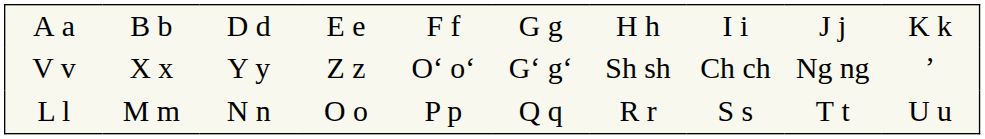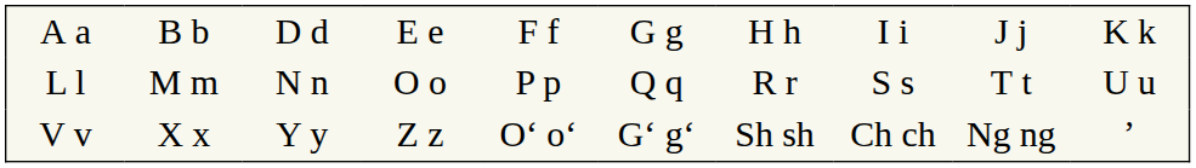 <table style="font-family:Arial Unicode MS; font-size:1.4em; border-color:#000000; border-width:1px; border-style:solid; border-collapse:collapse; background-color:#F8F8EF;">
 <tr>
 <td style="width:3em; text-align:center; padding: 3px;">А а</td>
 <td style="width:3em; text-align:center; padding: 3px;">B b</td>
 <td style="width:3em; text-align:center; padding: 3px;">D d</td>
 <td style="width:3em; text-align:center; padding: 3px;">Е е</td>
 <td style="width:3em; text-align:center; padding: 3px;">F f</td>
 <td style="width:3em; text-align:center; padding: 3px;">G g</td>
 <td style="width:3em; text-align:center; padding: 3px;">H h</td>
 <td style="width:3em; text-align:center; padding: 3px;">I i</td>
 <td style="width:3em; text-align:center; padding: 3px;">J j</td>
 <td style="width:3em; text-align:center; padding: 3px;">K k</td>
 </tr>
 <tr>
+<td style="width:3em; text-align:center; padding: 3px;">L l</td>
+<td style="width:3em; text-align:center; padding: 3px;">М m</td>
+<td style="width:3em; text-align:center; padding: 3px;">N n</td>
+<td style="width:3em; text-align:center; padding: 3px;">О о</td>
+<td style="width:3em; text-align:center; padding: 3px;">P p</td>
+<td style="width:3em; text-align:center; padding: 3px;">Q q</td>
+<td style="width:3em; text-align:center; padding: 3px;">R r</td>
+<td style="width:3em; text-align:center; padding: 3px;">S s</td>
+<td style="width:3em; text-align:center; padding: 3px;">Т t</td>
+<td style="width:3em; text-align:center; padding: 3px;">U u</td>
+</tr>
+<tr>
 <td style="width:3em; text-align:center; padding: 3px;">V v</td>
 <td style="width:3em; text-align:center; padding: 3px;">X x</td>
 <td style="width:3em; text-align:center; padding: 3px;">Y y</td>
 <td style="width:3em; text-align:center; padding: 3px;">Z z</td>
 <td style="width:3em; text-align:center; padding: 3px;">Oʻ oʻ</td>
 <td style="width:3em; text-align:center; padding: 3px;">Gʻ gʻ</td>
 <td style="width:3em; text-align:center; padding: 3px;">Sh sh</td>
 <td style="width:3em; text-align:center; padding: 3px;">Ch ch</td>
 <td style="width:3em; text-align:center; padding: 3px;">Ng ng</td>
 <td style="width:3em; text-align:center; padding: 3px;">ʼ</td>
 </tr>
-<tr>
-<td style="width:3em; text-align:center; padding: 3px;">L l</td>
-<td style="width:3em; text-align:center; padding: 3px;">М m</td>
-<td style="width:3em; text-align:center; padding: 3px;">N n</td>
-<td style="width:3em; text-align:center; padding: 3px;">О о</td>
-<td style="width:3em; text-align:center; padding: 3px;">P p</td>
-<td style="width:3em; text-align:center; padding: 3px;">Q q</td>
-<td style="width:3em; text-align:center; padding: 3px;">R r</td>
-<td style="width:3em; text-align:center; padding: 3px;">S s</td>
-<td style="width:3em; text-align:center; padding: 3px;">Т t</td>
-<td style="width:3em; text-align:center; padding: 3px;">U u</td>
-</tr>
 </table>
